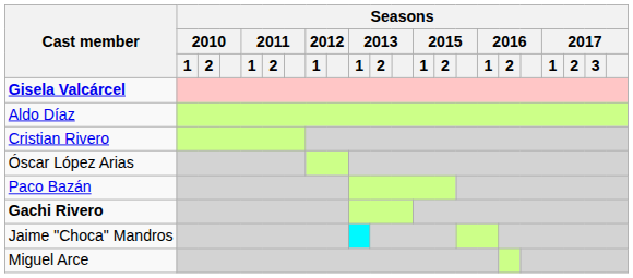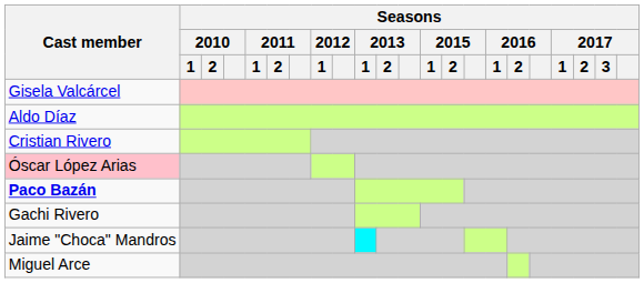 <table class="wikitable" style="margin:left; font-size:100%;">
 <tr>
 <th rowspan="3">Cast member</th>
 <th colspan=21 style=text-align:center;>Seasons</th>
 </tr>
 <tr>
 <th colspan="3">2010</th>
 <th colspan="3">2011</th>
 <th colspan="2">2012</th>
 <th colspan="3">2013</th>
 <th colspan="3">2015</th>
 <th colspan="3">2016</th>
 <th colspan="4">2017</th>
 </tr>
 <tr>
 <th width="15">1</th>
 <th width="15">2</th>
 <th width="15"></th>
 <th width="15">1</th>
 <th width="15">2</th>
 <th width="15"></th>
 <th width="15">1</th>
 <th width="15"></th>
 <th width="15">1</th>
 <th width="15">2</th>
 <th width="15"></th>
 <th width="15">1</th>
 <th width="15">2</th>
 <th width="15"></th>
 <th width="15">1</th>
 <th width="15">2</th>
 <th width="15"></th>
 <th width="15">1</th>
 <th width="15">2</th>
 <th width="15">3</th>
 <th width="15"></th>
 </tr>
 <tr>
-<td><strong><a href='#'>Gisela Valcárcel</a></strong></td>
+<td><a href='#'>Gisela Valcárcel</a></td>
 <td colspan="21" style="background:#ffc6c6;"></td>
 </tr>
 <tr>
 <td><a href='#'>Aldo Díaz</a></td>
 <td colspan="21" style="background:#ccff88;"></td>
 </tr>
 <tr>
 <td><a href='#'>Cristian Rivero</a></td>
 <td colspan="6" style="background:#ccff88;"></td>
 <td colspan="15" style="background:lightgrey;"></td>
 </tr>
 <tr>
-<td>Óscar López Arias</td>
+<td style="background: pink;">Óscar López Arias</td>
 <td colspan="6" style="background:lightgrey;"></td>
 <td colspan="2" style="background:#ccff88;"></td>
 <td colspan="13" style="background:lightgrey;"></td>
 </tr>
 <tr>
-<td><a href='#'>Paco Bazán</a></td>
+<td><strong><a href='#'>Paco Bazán</a></strong></td>
 <td colspan="8" style="background:lightgrey;"></td>
 <td colspan="5" style="background:#ccff88;"></td>
 <td colspan="8" style="background:lightgrey;"></td>
 </tr>
 <tr>
-<td><strong>Gachi Rivero</strong></td>
+<td>Gachi Rivero</td>
 <td colspan="8" style="background:lightgrey;"></td>
 <td colspan="3" style="background:#ccff88;"></td>
 <td colspan="10" style="background:lightgrey;"></td>
 </tr>
 <tr>
 <td>Jaime "Choca" Mandros</td>
 <td colspan="8" style="background:lightgrey;"></td>
 <td style="background:#00f9ff;"></td>
 <td colspan="4" style="background:lightgrey;"></td>
 <td colspan="2" style="background:#ccff88;"></td>
 <td colspan="6" style="background:lightgrey;"></td>
 </tr>
 <tr>
 <td>Miguel Arce</td>
 <td colspan="15" style="background:lightgrey;"></td>
 <td style="background:#ccff88;"></td>
 <td colspan="5" style="background:lightgrey;"></td>
 </tr>
 </table>
